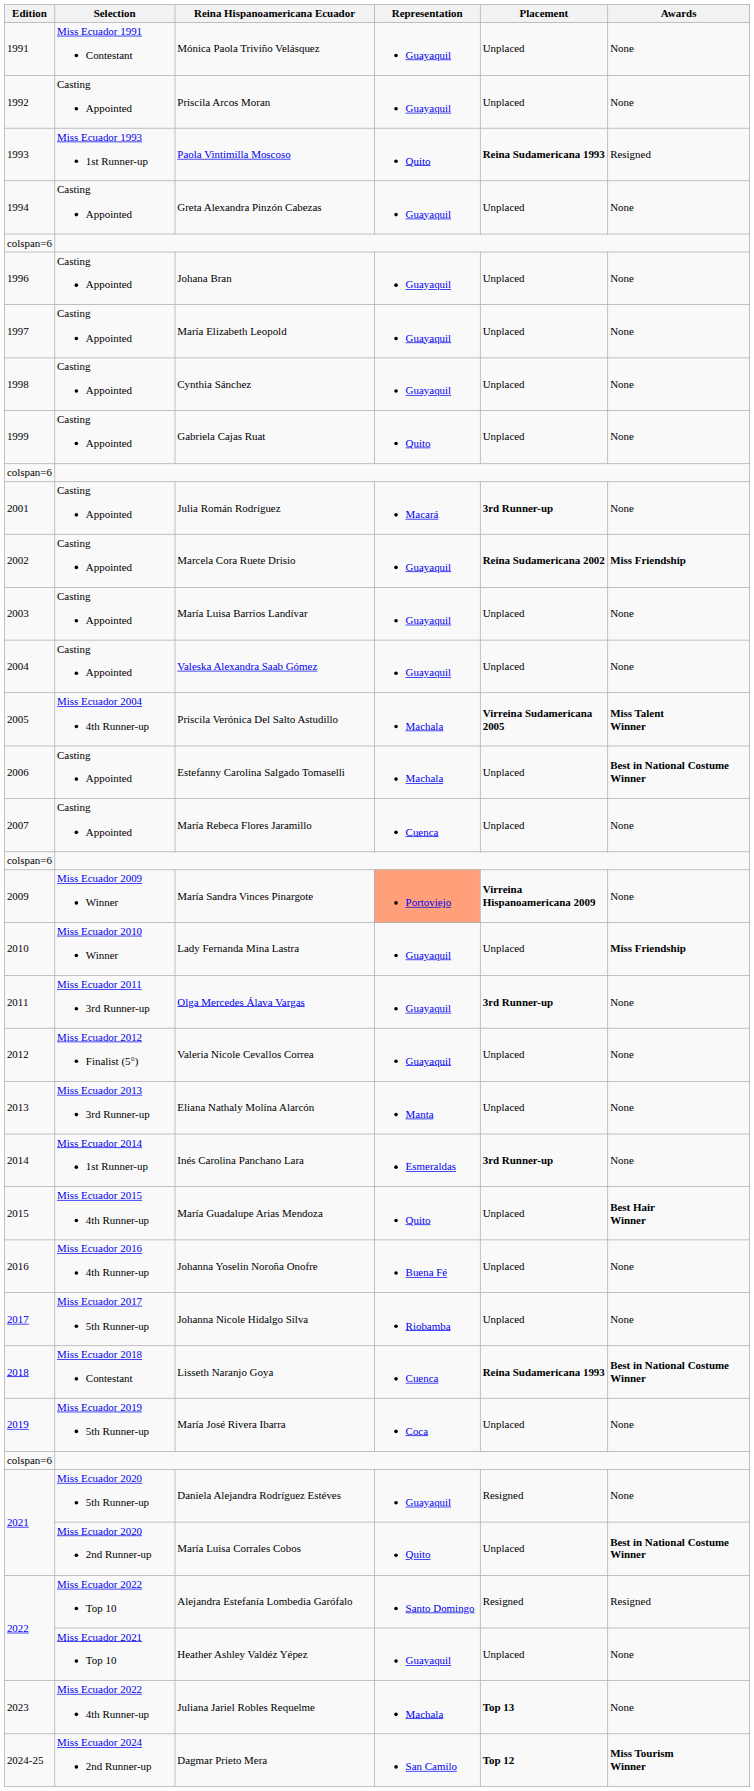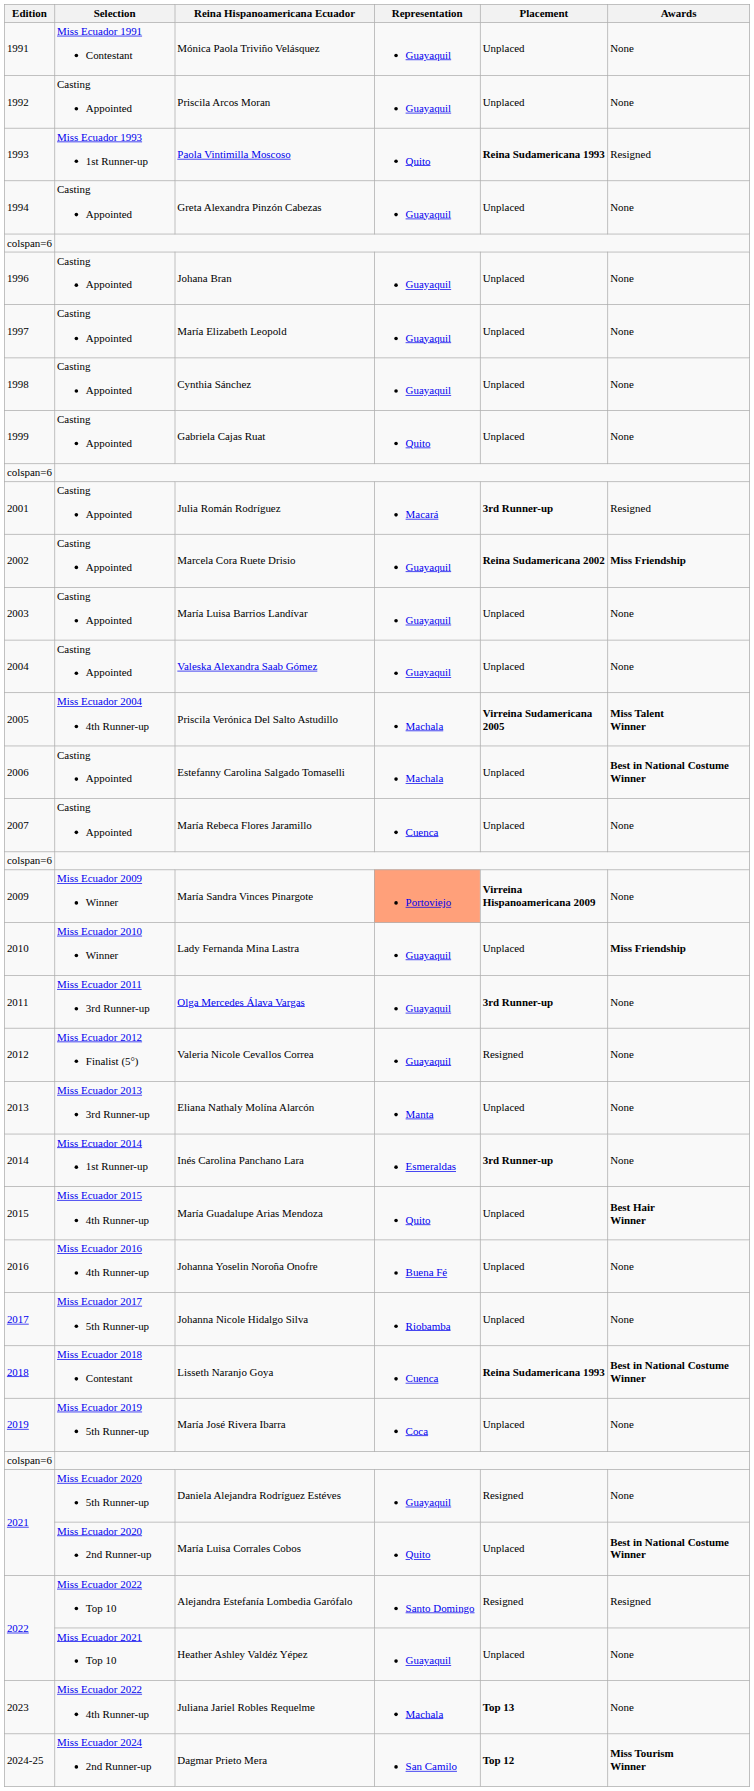 <table class="wikitable sortable" style="font-size: 95%">
 <tr>
 <th width="2">Edition</th>
 <th width="160">Selection</th>
 <th width="270">Reina Hispanoamericana Ecuador</th>
 <th width="140">Representation</th>
 <th width="170">Placement</th>
 <th width="190">Awards</th>
 </tr>
 <tr>
 <td>1991</td>
 <td><a href='#'>Miss Ecuador 1991</a><br><ul><li>Contestant</li></ul></td>
 <td>Mónica Paola Triviño Velásquez</td>
 <td><br><ul><li><a href='#'>Guayaquil</a></li></ul></td>
 <td>Unplaced</td>
 <td>None</td>
 </tr>
 <tr>
 <td>1992</td>
 <td>Casting<br><ul><li>Appointed</li></ul></td>
 <td>Priscila Arcos Moran</td>
 <td><br><ul><li><a href='#'>Guayaquil</a></li></ul></td>
 <td>Unplaced</td>
 <td>None</td>
 </tr>
 <tr>
 <td>1993</td>
 <td><a href='#'>Miss Ecuador 1993</a><br><ul><li>1st Runner-up</li></ul></td>
 <td><a href='#'>Paola Vintimilla Moscoso</a></td>
 <td><br><ul><li><a href='#'>Quito</a></li></ul></td>
 <td><strong>Reina Sudamericana 1993</strong></td>
 <td>Resigned</td>
 </tr>
 <tr>
 <td>1994</td>
 <td>Casting<br><ul><li>Appointed</li></ul></td>
 <td>Greta Alexandra Pinzón Cabezas</td>
 <td><br><ul><li><a href='#'>Guayaquil</a></li></ul></td>
 <td>Unplaced</td>
 <td>None</td>
 </tr>
 <tr>
 <td>colspan=6 </td>
 </tr>
 <tr>
 <td>1996</td>
 <td>Casting<br><ul><li>Appointed</li></ul></td>
 <td>Johana Bran</td>
 <td><br><ul><li><a href='#'>Guayaquil</a></li></ul></td>
 <td>Unplaced</td>
 <td>None</td>
 </tr>
 <tr>
 <td>1997</td>
 <td>Casting<br><ul><li>Appointed</li></ul></td>
 <td>María Elizabeth Leopold</td>
 <td><br><ul><li><a href='#'>Guayaquil</a></li></ul></td>
 <td>Unplaced</td>
 <td>None</td>
 </tr>
 <tr>
 <td>1998</td>
 <td>Casting<br><ul><li>Appointed</li></ul></td>
 <td>Cynthia Sánchez</td>
 <td><br><ul><li><a href='#'>Guayaquil</a></li></ul></td>
 <td>Unplaced</td>
 <td>None</td>
 </tr>
 <tr>
 <td>1999</td>
 <td>Casting<br><ul><li>Appointed</li></ul></td>
 <td>Gabriela Cajas Ruat</td>
 <td><br><ul><li><a href='#'>Quito</a></li></ul></td>
 <td>Unplaced</td>
 <td>None</td>
 </tr>
 <tr>
 <td>colspan=6 </td>
 </tr>
 <tr>
 <td>2001</td>
 <td>Casting<br><ul><li>Appointed</li></ul></td>
 <td>Julia Román Rodríguez</td>
 <td><br><ul><li><a href='#'>Macará</a></li></ul></td>
 <td><strong>3rd Runner-up</strong></td>
-<td>None</td>
+<td>Resigned</td>
 </tr>
 <tr>
 <td>2002</td>
 <td>Casting<br><ul><li>Appointed</li></ul></td>
 <td>Marcela Cora Ruete Drisio</td>
 <td><br><ul><li><a href='#'>Guayaquil</a></li></ul></td>
 <td><strong>Reina Sudamericana 2002</strong></td>
 <td><strong>Miss Friendship</strong></td>
 </tr>
 <tr>
 <td>2003</td>
 <td>Casting<br><ul><li>Appointed</li></ul></td>
 <td>María Luisa Barrios Landívar</td>
 <td><br><ul><li><a href='#'>Guayaquil</a></li></ul></td>
 <td>Unplaced</td>
 <td>None</td>
 </tr>
 <tr>
 <td>2004</td>
 <td>Casting<br><ul><li>Appointed</li></ul></td>
 <td><a href='#'>Valeska Alexandra Saab Gómez</a></td>
 <td><br><ul><li><a href='#'>Guayaquil</a></li></ul></td>
 <td>Unplaced</td>
 <td>None</td>
 </tr>
 <tr>
 <td>2005</td>
 <td><a href='#'>Miss Ecuador 2004</a><br><ul><li>4th Runner-up</li></ul></td>
 <td>Priscila Verónica Del Salto Astudillo</td>
 <td><br><ul><li><a href='#'>Machala</a></li></ul></td>
 <td><strong>Virreina Sudamericana 2005</strong></td>
 <td><strong>Miss Talent<br>Winner</strong></td>
 </tr>
 <tr>
 <td>2006</td>
 <td>Casting<br><ul><li>Appointed</li></ul></td>
 <td>Estefanny Carolina Salgado Tomaselli</td>
 <td><br><ul><li><a href='#'>Machala</a></li></ul></td>
 <td>Unplaced</td>
 <td><strong>Best in National Costume<br>Winner</strong></td>
 </tr>
 <tr>
 <td>2007</td>
 <td>Casting<br><ul><li>Appointed</li></ul></td>
 <td>María Rebeca Flores Jaramillo</td>
 <td><br><ul><li><a href='#'>Cuenca</a></li></ul></td>
 <td>Unplaced</td>
 <td>None</td>
 </tr>
 <tr>
 <td>colspan=6 </td>
 </tr>
 <tr>
 <td>2009</td>
 <td><a href='#'>Miss Ecuador 2009</a><br><ul><li>Winner</li></ul></td>
 <td>María Sandra Vinces Pinargote</td>
 <td style="background: lightsalmon;"><br><ul><li><a href='#'>Portoviejo</a></li></ul></td>
 <td><strong>Virreina Hispanoamericana 2009</strong></td>
 <td>None</td>
 </tr>
 <tr>
 <td>2010</td>
 <td><a href='#'>Miss Ecuador 2010</a><br><ul><li>Winner</li></ul></td>
 <td>Lady Fernanda Mina Lastra</td>
 <td><br><ul><li><a href='#'>Guayaquil</a></li></ul></td>
 <td>Unplaced</td>
 <td><strong>Miss Friendship</strong></td>
 </tr>
 <tr>
 <td>2011</td>
 <td><a href='#'>Miss Ecuador 2011</a><br><ul><li>3rd Runner-up</li></ul></td>
 <td><a href='#'>Olga Mercedes Álava Vargas</a></td>
 <td><br><ul><li><a href='#'>Guayaquil</a></li></ul></td>
 <td><strong>3rd Runner-up</strong></td>
 <td>None</td>
 </tr>
 <tr>
 <td>2012</td>
 <td><a href='#'>Miss Ecuador 2012</a><br><ul><li>Finalist (5°)</li></ul></td>
 <td>Valeria Nicole Cevallos Correa</td>
 <td><br><ul><li><a href='#'>Guayaquil</a></li></ul></td>
-<td>Unplaced</td>
+<td>Resigned</td>
 <td>None</td>
 </tr>
 <tr>
 <td>2013</td>
 <td><a href='#'>Miss Ecuador 2013</a><br><ul><li>3rd Runner-up</li></ul></td>
 <td>Eliana Nathaly Molína Alarcón</td>
 <td><br><ul><li><a href='#'>Manta</a></li></ul></td>
 <td>Unplaced</td>
 <td>None</td>
 </tr>
 <tr>
 <td>2014</td>
 <td><a href='#'>Miss Ecuador 2014</a><br><ul><li>1st Runner-up</li></ul></td>
 <td>Inés Carolina Panchano Lara</td>
 <td><br><ul><li><a href='#'>Esmeraldas</a></li></ul></td>
 <td><strong>3rd Runner-up</strong></td>
 <td>None</td>
 </tr>
 <tr>
 <td>2015</td>
 <td><a href='#'>Miss Ecuador 2015</a><br><ul><li>4th Runner-up</li></ul></td>
 <td>María Guadalupe Arias Mendoza</td>
 <td><br><ul><li><a href='#'>Quito</a></li></ul></td>
 <td>Unplaced</td>
 <td><strong>Best Hair<br>Winner</strong></td>
 </tr>
 <tr>
 <td>2016</td>
 <td><a href='#'>Miss Ecuador 2016</a><br><ul><li>4th Runner-up</li></ul></td>
 <td>Johanna Yoselin Noroña Onofre</td>
 <td><br><ul><li><a href='#'>Buena Fé</a></li></ul></td>
 <td>Unplaced</td>
 <td>None</td>
 </tr>
 <tr>
 <td><a href='#'>2017</a></td>
 <td><a href='#'>Miss Ecuador 2017</a><br><ul><li>5th Runner-up</li></ul></td>
 <td>Johanna Nicole Hidalgo Silva</td>
 <td><br><ul><li><a href='#'>Riobamba</a></li></ul></td>
 <td>Unplaced</td>
 <td>None</td>
 </tr>
 <tr>
 <td><a href='#'>2018</a></td>
 <td><a href='#'>Miss Ecuador 2018</a><br><ul><li>Contestant</li></ul></td>
 <td>Lisseth Naranjo Goya</td>
 <td><br><ul><li><a href='#'>Cuenca</a></li></ul></td>
 <td><strong>Reina Sudamericana 1993</strong></td>
 <td><strong>Best in National Costume<br>Winner</strong></td>
 </tr>
 <tr>
 <td><a href='#'>2019</a></td>
 <td><a href='#'>Miss Ecuador 2019</a><br><ul><li>5th Runner-up</li></ul></td>
 <td>María José Rivera Ibarra</td>
 <td><br><ul><li><a href='#'>Coca</a></li></ul></td>
 <td>Unplaced</td>
 <td>None</td>
 </tr>
 <tr>
 <td>colspan=6 </td>
 </tr>
 <tr>
 <td rowspan=2><a href='#'>2021</a></td>
 <td><a href='#'>Miss Ecuador 2020</a><br><ul><li>5th Runner-up</li></ul></td>
 <td>Daniela Alejandra Rodríguez Estéves</td>
 <td><br><ul><li><a href='#'>Guayaquil</a></li></ul></td>
 <td>Resigned</td>
 <td>None</td>
 </tr>
 <tr>
 <td><a href='#'>Miss Ecuador 2020</a><br><ul><li>2nd Runner-up</li></ul></td>
 <td>María Luisa Corrales Cobos</td>
 <td><br><ul><li><a href='#'>Quito</a></li></ul></td>
 <td>Unplaced</td>
 <td><strong>Best in National Costume<br>Winner</strong></td>
 </tr>
 <tr>
 <td rowspan=2><a href='#'>2022</a></td>
 <td><a href='#'>Miss Ecuador 2022</a><br><ul><li>Top 10</li></ul></td>
 <td>Alejandra Estefanía Lombedia Garófalo</td>
 <td><br><ul><li><a href='#'>Santo Domingo</a></li></ul></td>
 <td>Resigned</td>
 <td>Resigned</td>
 </tr>
 <tr>
 <td><a href='#'>Miss Ecuador 2021</a><br><ul><li>Top 10</li></ul></td>
 <td>Heather Ashley Valdéz Yépez</td>
 <td><br><ul><li><a href='#'>Guayaquil</a></li></ul></td>
 <td>Unplaced</td>
 <td>None</td>
 </tr>
 <tr>
 <td>2023</td>
 <td><a href='#'>Miss Ecuador 2022</a><br><ul><li>4th Runner-up</li></ul></td>
 <td>Juliana Jariel Robles Requelme</td>
 <td><br><ul><li><a href='#'>Machala</a></li></ul></td>
 <td><strong>Top 13</strong></td>
 <td>None</td>
 </tr>
 <tr>
 <td>2024-25</td>
 <td><a href='#'>Miss Ecuador 2024</a><br><ul><li>2nd Runner-up</li></ul></td>
 <td>Dagmar Prieto Mera</td>
 <td><br><ul><li><a href='#'>San Camilo</a></li></ul></td>
 <td><strong>Top 12</strong></td>
 <td><strong>Miss Tourism<br>Winner</strong></td>
 </tr>
 </table>
